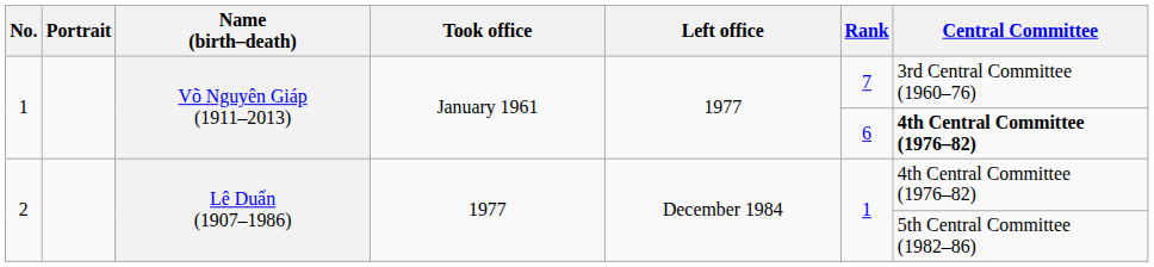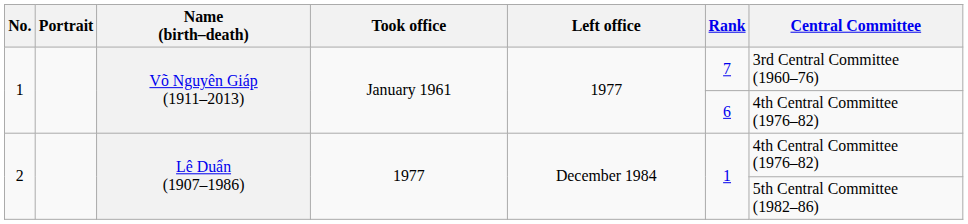 <table class="wikitable">
 <tr>
 <th scope="col" style="width:1em;">No.<br></th>
 <th scope="col" style="width:1em;">Portrait</th>
 <th scope="col" style="width:13em;">Name<br>(birth–death)</th>
 <th scope="col" style="width:12em;">Took office</th>
 <th scope="col" style="width:12em;">Left office</th>
 <th scope="col" style="width:1em;"><a href='#'>Rank</a><br></th>
 <th scope="col" style="width:13em;"><a href='#'>Central Committee</a></th>
 </tr>
 <tr>
 <td rowspan="2" align="center">1</td>
 <td rowspan="2" align="center"><br></td>
 <th rowspan="2" align="center" scope="row" style="font-weight:normal;"><a href='#'>Võ Nguyên Giáp</a><br>(1911–2013)</th>
 <td rowspan="2" align="center">January 1961</td>
 <td rowspan="2" align="center">1977</td>
 <td align="center"><a href='#'>7</a></td>
 <td>3rd Central Committee<br>(1960–76)</td>
 </tr>
 <tr>
 <td align="center"><a href='#'>6</a></td>
-<td><strong>4th Central Committee<br>(1976–82)</strong></td>
+<td>4th Central Committee<br>(1976–82)</td>
 </tr>
 <tr>
 <td rowspan="2" align="center">2</td>
 <td rowspan="2" align="center"><br></td>
 <th rowspan="2" align="center" scope="row" style="font-weight:normal;"><a href='#'>Lê Duẩn</a><br>(1907–1986)</th>
 <td rowspan="2" align="center">1977</td>
 <td rowspan="2" align="center">December 1984</td>
 <td rowspan="2" align="center"><a href='#'>1</a></td>
 <td>4th Central Committee<br>(1976–82)</td>
 </tr>
 <tr>
 <td>5th Central Committee<br>(1982–86)</td>
 </tr>
 </table>
